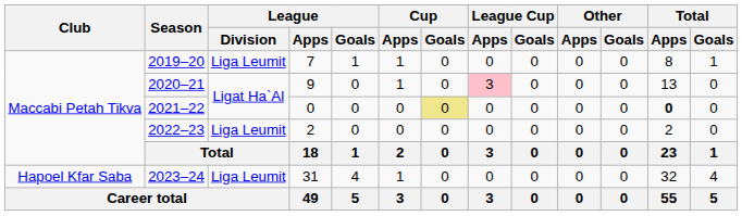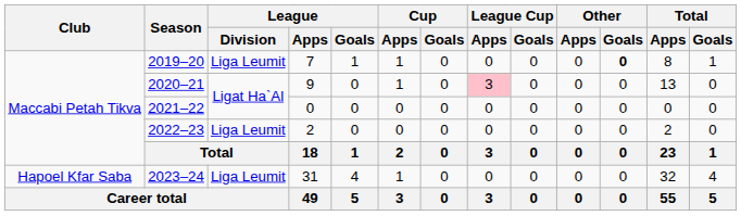 <table class="wikitable" style="text-align: center">
 <tr>
 <th rowspan="2">Club</th>
 <th rowspan="2">Season</th>
 <th colspan="3">League</th>
 <th colspan="2">Cup</th>
 <th colspan="2">League Cup</th>
 <th colspan="2">Other</th>
 <th colspan="2">Total</th>
 </tr>
 <tr>
 <th>Division</th>
 <th>Apps</th>
 <th>Goals</th>
 <th>Apps</th>
 <th>Goals</th>
 <th>Apps</th>
 <th>Goals</th>
 <th>Apps</th>
 <th>Goals</th>
 <th>Apps</th>
 <th>Goals</th>
 </tr>
 <tr>
 <td rowspan="5"><a href='#'>Maccabi Petah Tikva</a></td>
 <td><a href='#'>2019–20</a></td>
 <td><a href='#'>Liga Leumit</a></td>
 <td>7</td>
 <td>1</td>
 <td>1</td>
 <td>0</td>
 <td>0</td>
 <td>0</td>
 <td>0</td>
-<td>0</td>
+<td><strong>0</strong></td>
 <td>8</td>
 <td>1</td>
 </tr>
 <tr>
 <td><a href='#'>2020–21</a></td>
 <td rowspan="2"><a href='#'>Ligat Ha`Al</a></td>
 <td>9</td>
 <td>0</td>
 <td>1</td>
 <td>0</td>
 <td style="background: pink;">3</td>
 <td>0</td>
 <td>0</td>
 <td>0</td>
 <td>13</td>
 <td>0</td>
 </tr>
 <tr>
 <td><a href='#'>2021–22</a></td>
 <td>0</td>
 <td>0</td>
 <td>0</td>
-<td style="background: khaki;">0</td>
 <td>0</td>
 <td>0</td>
 <td>0</td>
 <td>0</td>
-<td><strong>0</strong></td>
+<td>0</td>
+<td>0</td>
 <td>0</td>
 </tr>
 <tr>
 <td><a href='#'>2022–23</a></td>
 <td><a href='#'>Liga Leumit</a></td>
 <td>2</td>
 <td>0</td>
 <td>0</td>
 <td>0</td>
 <td>0</td>
 <td>0</td>
 <td>0</td>
 <td>0</td>
 <td>2</td>
 <td>0</td>
 </tr>
 <tr>
 <th colspan="2">Total</th>
 <th>18</th>
 <th>1</th>
 <th>2</th>
 <th>0</th>
 <th>3</th>
 <th>0</th>
 <th>0</th>
 <th>0</th>
 <th>23</th>
 <th>1</th>
 </tr>
 <tr>
 <td><a href='#'>Hapoel Kfar Saba</a></td>
 <td><a href='#'>2023–24</a></td>
 <td><a href='#'>Liga Leumit</a></td>
 <td>31</td>
 <td>4</td>
 <td>1</td>
 <td>0</td>
 <td>0</td>
 <td>0</td>
 <td>0</td>
 <td>0</td>
 <td>32</td>
 <td>4</td>
 </tr>
 <tr>
 <th colspan="3"><strong>Career total</strong></th>
 <th>49</th>
 <th>5</th>
 <th>3</th>
 <th>0</th>
 <th>3</th>
 <th>0</th>
 <th>0</th>
 <th>0</th>
 <th>55</th>
 <th>5</th>
 </tr>
 </table>
